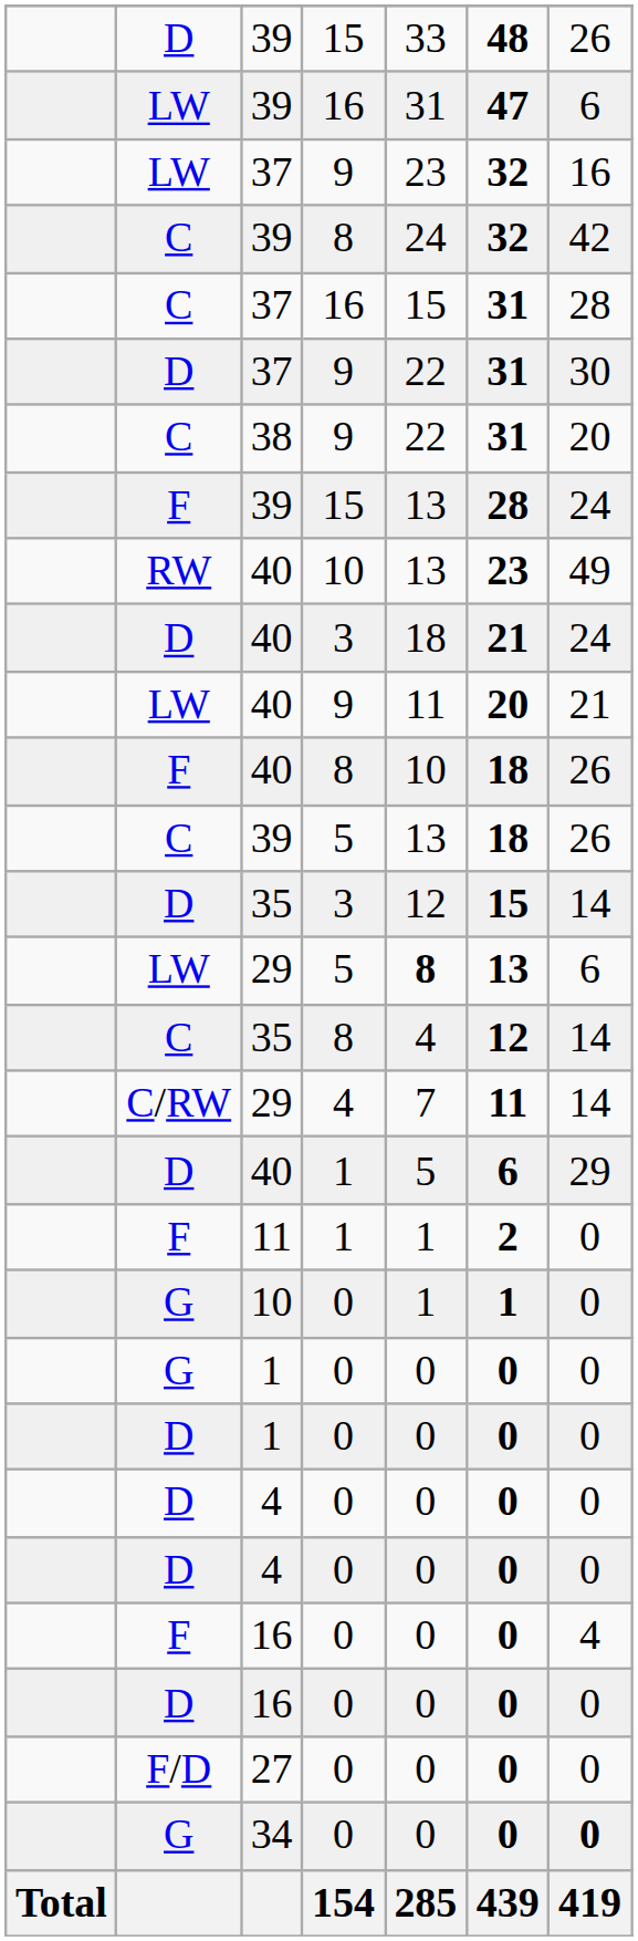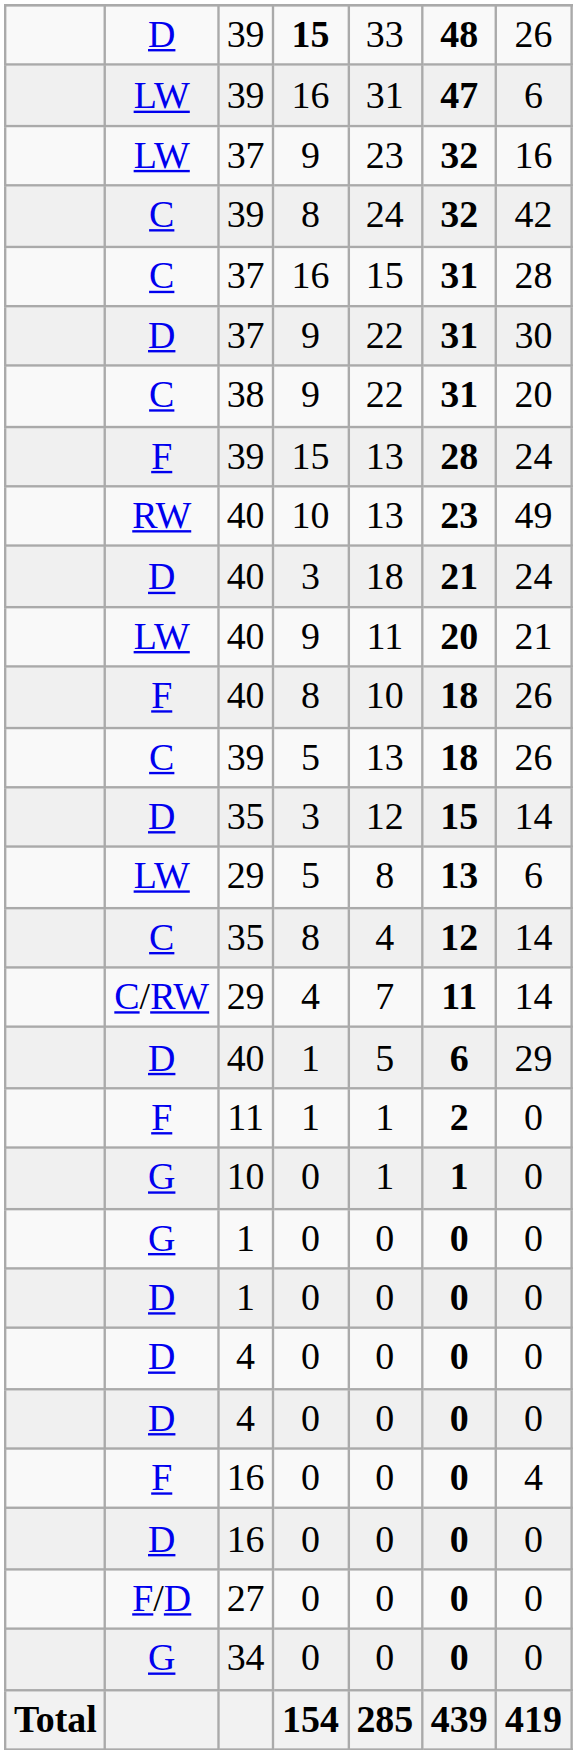 <table class="wikitable sortable">
 <tr align="center">
 </tr>
 <tr align="center" bgcolor="">
 <td></td>
 <td><a href='#'>D</a></td>
 <td>39</td>
-<td>15</td>
+<td><strong>15</strong></td>
 <td>33</td>
 <td><strong>48</strong></td>
 <td>26</td>
 </tr>
 <tr align="center" bgcolor="f0f0f0">
 <td></td>
 <td><a href='#'>LW</a></td>
 <td>39</td>
 <td>16</td>
 <td>31</td>
 <td><strong>47</strong></td>
 <td>6</td>
 </tr>
 <tr align="center" bgcolor="">
 <td></td>
 <td><a href='#'>LW</a></td>
 <td>37</td>
 <td>9</td>
 <td>23</td>
 <td><strong>32</strong></td>
 <td>16</td>
 </tr>
 <tr align="center" bgcolor="f0f0f0">
 <td></td>
 <td><a href='#'>C</a></td>
 <td>39</td>
 <td>8</td>
 <td>24</td>
 <td><strong>32</strong></td>
 <td>42</td>
 </tr>
 <tr align="center" bgcolor="">
 <td></td>
 <td><a href='#'>C</a></td>
 <td>37</td>
 <td>16</td>
 <td>15</td>
 <td><strong>31</strong></td>
 <td>28</td>
 </tr>
 <tr align="center" bgcolor="f0f0f0">
 <td></td>
 <td><a href='#'>D</a></td>
 <td>37</td>
 <td>9</td>
 <td>22</td>
 <td><strong>31</strong></td>
 <td>30</td>
 </tr>
 <tr align="center" bgcolor="">
 <td></td>
 <td><a href='#'>C</a></td>
 <td>38</td>
 <td>9</td>
 <td>22</td>
 <td><strong>31</strong></td>
 <td>20</td>
 </tr>
 <tr align="center" bgcolor="f0f0f0">
 <td></td>
 <td><a href='#'>F</a></td>
 <td>39</td>
 <td>15</td>
 <td>13</td>
 <td><strong>28</strong></td>
 <td>24</td>
 </tr>
 <tr align="center" bgcolor="">
 <td></td>
 <td><a href='#'>RW</a></td>
 <td>40</td>
 <td>10</td>
 <td>13</td>
 <td><strong>23</strong></td>
 <td>49</td>
 </tr>
 <tr align="center" bgcolor="f0f0f0">
 <td></td>
 <td><a href='#'>D</a></td>
 <td>40</td>
 <td>3</td>
 <td>18</td>
 <td><strong>21</strong></td>
 <td>24</td>
 </tr>
 <tr align="center" bgcolor="">
 <td></td>
 <td><a href='#'>LW</a></td>
 <td>40</td>
 <td>9</td>
 <td>11</td>
 <td><strong>20</strong></td>
 <td>21</td>
 </tr>
 <tr align="center" bgcolor="f0f0f0">
 <td></td>
 <td><a href='#'>F</a></td>
 <td>40</td>
 <td>8</td>
 <td>10</td>
 <td><strong>18</strong></td>
 <td>26</td>
 </tr>
 <tr align="center" bgcolor="">
 <td></td>
 <td><a href='#'>C</a></td>
 <td>39</td>
 <td>5</td>
 <td>13</td>
 <td><strong>18</strong></td>
 <td>26</td>
 </tr>
 <tr align="center" bgcolor="f0f0f0">
 <td></td>
 <td><a href='#'>D</a></td>
 <td>35</td>
 <td>3</td>
 <td>12</td>
 <td><strong>15</strong></td>
 <td>14</td>
 </tr>
 <tr align="center" bgcolor="">
 <td></td>
 <td><a href='#'>LW</a></td>
 <td>29</td>
 <td>5</td>
-<td><strong>8</strong></td>
+<td>8</td>
 <td><strong>13</strong></td>
 <td>6</td>
 </tr>
 <tr align="center" bgcolor="f0f0f0">
 <td></td>
 <td><a href='#'>C</a></td>
 <td>35</td>
 <td>8</td>
 <td>4</td>
 <td><strong>12</strong></td>
 <td>14</td>
 </tr>
 <tr align="center" bgcolor="">
 <td></td>
 <td><a href='#'>C</a>/<a href='#'>RW</a></td>
 <td>29</td>
 <td>4</td>
 <td>7</td>
 <td><strong>11</strong></td>
 <td>14</td>
 </tr>
 <tr align="center" bgcolor="f0f0f0">
 <td></td>
 <td><a href='#'>D</a></td>
 <td>40</td>
 <td>1</td>
 <td>5</td>
 <td><strong>6</strong></td>
 <td>29</td>
 </tr>
 <tr align="center" bgcolor="">
 <td></td>
 <td><a href='#'>F</a></td>
 <td>11</td>
 <td>1</td>
 <td>1</td>
 <td><strong>2</strong></td>
 <td>0</td>
 </tr>
 <tr align="center" bgcolor="f0f0f0">
 <td></td>
 <td><a href='#'>G</a></td>
 <td>10</td>
 <td>0</td>
 <td>1</td>
 <td><strong>1</strong></td>
 <td>0</td>
 </tr>
 <tr align="center" bgcolor="">
 <td></td>
 <td><a href='#'>G</a></td>
 <td>1</td>
 <td>0</td>
 <td>0</td>
 <td><strong>0</strong></td>
 <td>0</td>
 </tr>
 <tr align="center" bgcolor="f0f0f0">
 <td></td>
 <td><a href='#'>D</a></td>
 <td>1</td>
 <td>0</td>
 <td>0</td>
 <td><strong>0</strong></td>
 <td>0</td>
 </tr>
 <tr align="center" bgcolor="">
 <td></td>
 <td><a href='#'>D</a></td>
 <td>4</td>
 <td>0</td>
 <td>0</td>
 <td><strong>0</strong></td>
 <td>0</td>
 </tr>
 <tr align="center" bgcolor="f0f0f0">
 <td></td>
 <td><a href='#'>D</a></td>
 <td>4</td>
 <td>0</td>
 <td>0</td>
 <td><strong>0</strong></td>
 <td>0</td>
 </tr>
 <tr align="center" bgcolor="">
 <td></td>
 <td><a href='#'>F</a></td>
 <td>16</td>
 <td>0</td>
 <td>0</td>
 <td><strong>0</strong></td>
 <td>4</td>
 </tr>
 <tr align="center" bgcolor="f0f0f0">
 <td></td>
 <td><a href='#'>D</a></td>
 <td>16</td>
 <td>0</td>
 <td>0</td>
 <td><strong>0</strong></td>
 <td>0</td>
 </tr>
 <tr align="center" bgcolor="">
 <td></td>
 <td><a href='#'>F</a>/<a href='#'>D</a></td>
 <td>27</td>
 <td>0</td>
 <td>0</td>
 <td><strong>0</strong></td>
 <td>0</td>
 </tr>
 <tr align="center" bgcolor="f0f0f0">
 <td></td>
 <td><a href='#'>G</a></td>
 <td>34</td>
 <td>0</td>
 <td>0</td>
 <td><strong>0</strong></td>
-<td><strong>0</strong></td>
+<td>0</td>
 </tr>
 <tr>
 <th>Total</th>
 <th></th>
 <th></th>
 <th>154</th>
 <th>285</th>
 <th>439</th>
 <th>419</th>
 </tr>
 </table>
